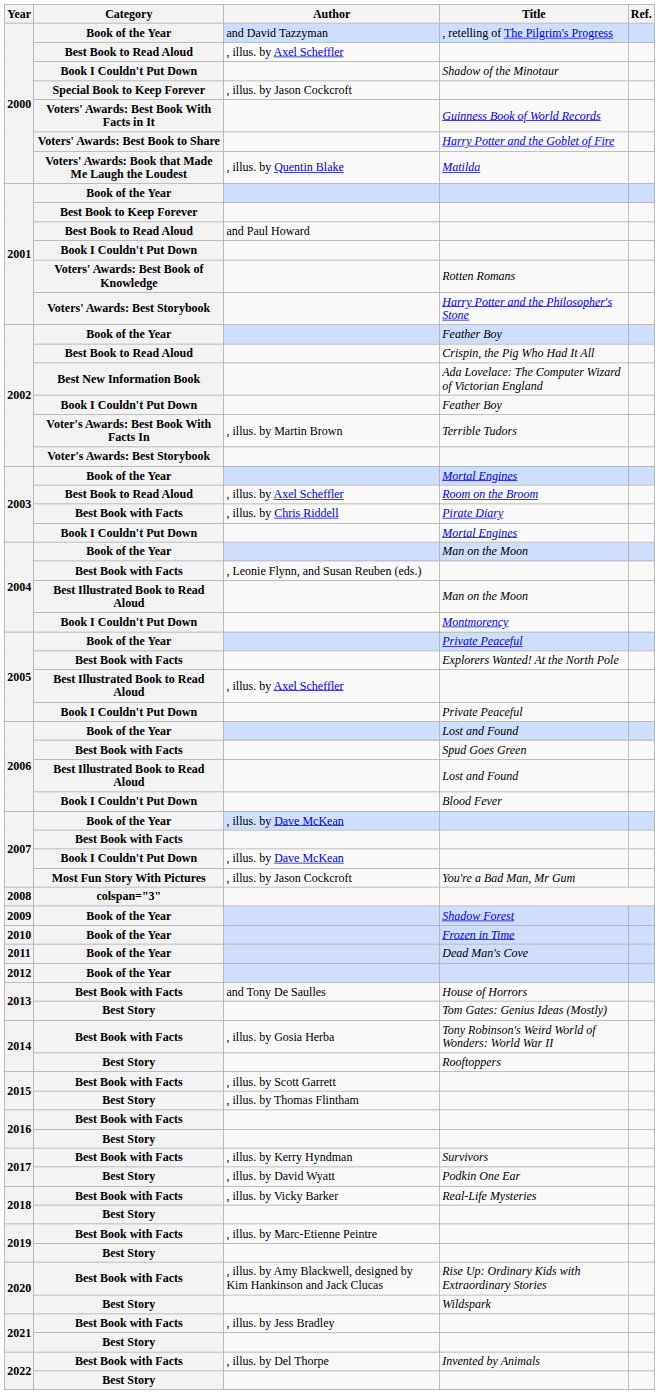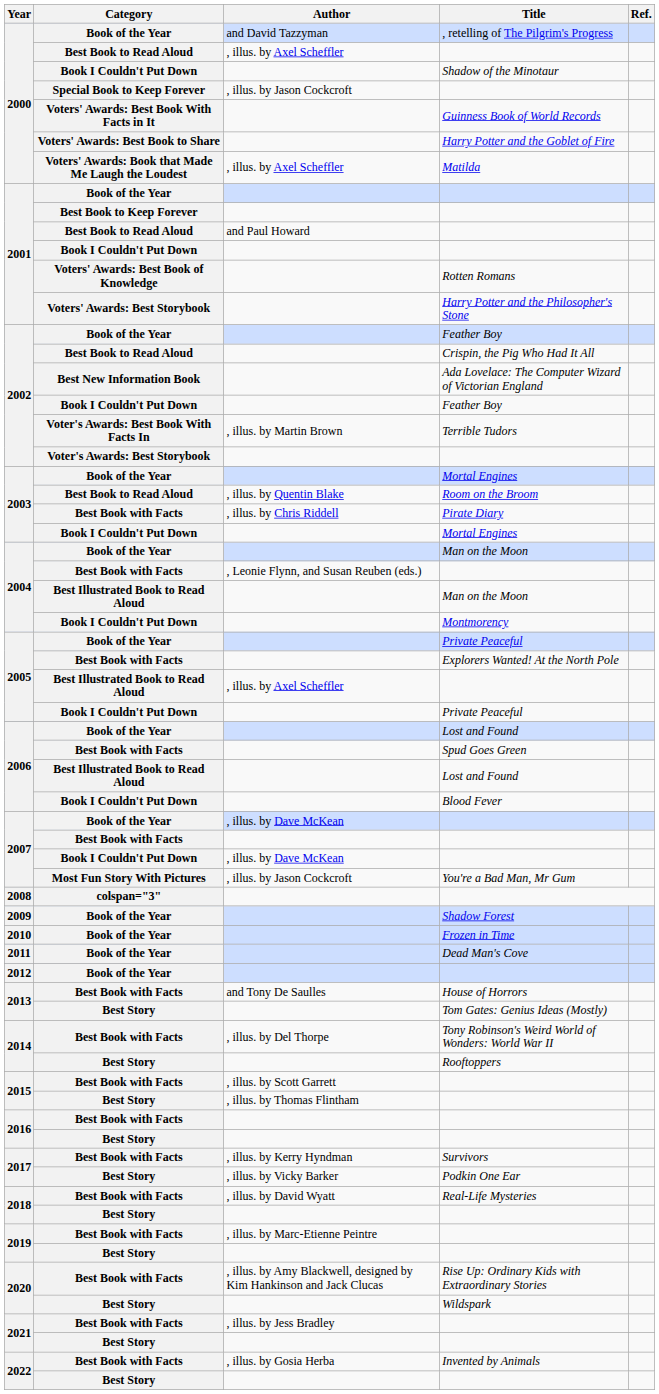 <table class="wikitable sortable mw-collapsible">
 <tr>
 <th scope="col">Year</th>
 <th scope="col">Category</th>
 <th scope="col">Author</th>
 <th scope="col">Title</th>
 <th scope="col">Ref.</th>
 </tr>
 <tr style="background:#cddeff">
 <th rowspan="7">2000</th>
 <th>Book of the Year</th>
 <td> and David Tazzyman</td>
 <td><em></em>, retelling of <a href='#'>The Pilgrim's Progress</a></td>
 <td></td>
 </tr>
 <tr>
 <th>Best Book to Read Aloud</th>
 <td>, illus. by <a href='#'>Axel Scheffler</a></td>
 <td><em></em></td>
 <td></td>
 </tr>
 <tr>
 <th>Book I Couldn't Put Down</th>
 <td></td>
 <td><em>Shadow of the Minotaur</em></td>
 <td></td>
 </tr>
 <tr>
 <th>Special Book to Keep Forever</th>
 <td>, illus. by Jason Cockcroft</td>
 <td><em></em></td>
 <td></td>
 </tr>
 <tr>
 <th>Voters' Awards: Best Book With Facts in It</th>
 <td></td>
 <td><em><a href='#'>Guinness Book of World Records</a></em></td>
 <td></td>
 </tr>
 <tr>
 <th>Voters' Awards: Best Book to Share</th>
 <td></td>
 <td><em><a href='#'>Harry Potter and the Goblet of Fire</a></em></td>
 <td></td>
 </tr>
 <tr>
 <th>Voters' Awards: Book that Made Me Laugh the Loudest</th>
-<td>, illus. by <a href='#'>Quentin Blake</a></td>
+<td>, illus. by <a href='#'>Axel Scheffler</a></td>
 <td><em><a href='#'>Matilda</a></em></td>
 <td></td>
 </tr>
 <tr style="background:#cddeff">
 <th rowspan="6">2001</th>
 <th>Book of the Year</th>
 <td></td>
 <td><em></em></td>
 <td></td>
 </tr>
 <tr>
 <th>Best Book to Keep Forever</th>
 <td></td>
 <td><em></em></td>
 <td></td>
 </tr>
 <tr>
 <th>Best Book to Read Aloud</th>
 <td> and Paul Howard</td>
 <td><em></em></td>
 <td></td>
 </tr>
 <tr>
 <th>Book I Couldn't Put Down</th>
 <td></td>
 <td><em></em></td>
 <td></td>
 </tr>
 <tr>
 <th>Voters' Awards: Best Book of Knowledge</th>
 <td></td>
 <td><em>Rotten Romans</em></td>
 <td></td>
 </tr>
 <tr>
 <th>Voters' Awards: Best Storybook</th>
 <td></td>
 <td><em><a href='#'>Harry Potter and the Philosopher's Stone</a></em></td>
 <td></td>
 </tr>
 <tr style="background:#cddeff">
 <th rowspan="6">2002</th>
 <th>Book of the Year</th>
 <td></td>
 <td><em>Feather Boy</em></td>
 <td></td>
 </tr>
 <tr>
 <th>Best Book to Read Aloud</th>
 <td></td>
 <td><em>Crispin, the Pig Who Had It All</em></td>
 <td></td>
 </tr>
 <tr>
 <th>Best New Information Book</th>
 <td></td>
 <td><em>Ada Lovelace: The Computer Wizard of Victorian England</em></td>
 <td></td>
 </tr>
 <tr>
 <th>Book I Couldn't Put Down</th>
 <td></td>
 <td><em>Feather Boy</em></td>
 <td></td>
 </tr>
 <tr>
 <th>Voter's Awards:  Best Book With Facts In</th>
 <td>, illus. by Martin Brown</td>
 <td><em>Terrible Tudors</em></td>
 <td></td>
 </tr>
 <tr>
 <th>Voter's Awards: Best Storybook</th>
 <td></td>
 <td></td>
 <td></td>
 </tr>
 <tr style="background:#cddeff">
 <th rowspan="4">2003</th>
 <th>Book of the Year</th>
 <td></td>
 <td><em><a href='#'>Mortal Engines</a></em></td>
 <td></td>
 </tr>
 <tr>
 <th>Best Book to Read Aloud</th>
-<td>, illus. by <a href='#'>Axel Scheffler</a></td>
+<td>, illus. by <a href='#'>Quentin Blake</a></td>
 <td><em><a href='#'>Room on the Broom</a></em></td>
 <td></td>
 </tr>
 <tr>
 <th>Best Book with Facts</th>
 <td>, illus. by <a href='#'>Chris Riddell</a></td>
 <td><em><a href='#'>Pirate Diary</a></em></td>
 <td></td>
 </tr>
 <tr>
 <th>Book I Couldn't Put Down</th>
 <td></td>
 <td><em><a href='#'>Mortal Engines</a></em></td>
 <td></td>
 </tr>
 <tr style="background:#cddeff">
 <th rowspan="4">2004</th>
 <th>Book of the Year</th>
 <td></td>
 <td><em>Man on the Moon</em></td>
 <td></td>
 </tr>
 <tr>
 <th>Best Book with Facts</th>
 <td>, Leonie Flynn, and Susan Reuben (eds.)</td>
 <td><em></em></td>
 <td></td>
 </tr>
 <tr>
 <th>Best Illustrated Book to Read Aloud</th>
 <td></td>
 <td><em>Man on the Moon</em></td>
 <td></td>
 </tr>
 <tr>
 <th>Book I Couldn't Put Down</th>
 <td></td>
 <td><em><a href='#'>Montmorency</a></em></td>
 <td></td>
 </tr>
 <tr style="background:#cddeff">
 <th rowspan="4">2005</th>
 <th>Book of the Year</th>
 <td></td>
 <td><em><a href='#'>Private Peaceful</a></em></td>
 <td></td>
 </tr>
 <tr>
 <th>Best Book with Facts</th>
 <td></td>
 <td><em>Explorers Wanted! At the North Pole</em></td>
 <td></td>
 </tr>
 <tr>
 <th>Best Illustrated Book to Read Aloud</th>
 <td>, illus. by <a href='#'>Axel Scheffler</a></td>
 <td><em></em></td>
 <td></td>
 </tr>
 <tr>
 <th>Book I Couldn't Put Down</th>
 <td></td>
 <td><em>Private Peaceful</em></td>
 <td></td>
 </tr>
 <tr style="background:#cddeff">
 <th rowspan="4">2006</th>
 <th>Book of the Year</th>
 <td></td>
 <td><em>Lost and Found</em></td>
 <td></td>
 </tr>
 <tr>
 <th>Best Book with Facts</th>
 <td></td>
 <td><em>Spud Goes Green</em></td>
 <td></td>
 </tr>
 <tr>
 <th>Best Illustrated Book to Read Aloud</th>
 <td></td>
 <td><em>Lost and Found</em></td>
 <td></td>
 </tr>
 <tr>
 <th>Book I Couldn't Put Down</th>
 <td></td>
 <td><em>Blood Fever</em></td>
 <td></td>
 </tr>
 <tr style="background:#cddeff">
 <th rowspan="4">2007</th>
 <th>Book of the Year</th>
 <td>, illus. by <a href='#'>Dave McKean</a></td>
 <td><em></em></td>
 <td></td>
 </tr>
 <tr>
 <th>Best Book with Facts</th>
 <td></td>
 <td><em></em></td>
 <td></td>
 </tr>
 <tr>
 <th>Book I Couldn't Put Down</th>
 <td>, illus. by <a href='#'>Dave McKean</a></td>
 <td><em></em></td>
 <td></td>
 </tr>
 <tr>
 <th>Most Fun Story With Pictures</th>
 <td>, illus. by Jason Cockcroft</td>
 <td><em>You're a Bad Man, Mr Gum</em></td>
 <td></td>
 </tr>
 <tr>
 <th>2008</th>
 <th>colspan="3" </th>
 <td></td>
 </tr>
 <tr style="background:#cddeff">
 <th>2009</th>
 <th>Book of the Year</th>
 <td></td>
 <td><em><a href='#'>Shadow Forest</a></em></td>
 <td></td>
 </tr>
 <tr style="background:#cddeff">
 <th>2010</th>
 <th>Book of the Year</th>
 <td></td>
 <td><em><a href='#'>Frozen in Time</a></em></td>
 <td></td>
 </tr>
 <tr style="background:#cddeff">
 <th>2011</th>
 <th>Book of the Year</th>
 <td></td>
 <td><em>Dead Man's Cove</em></td>
 <td></td>
 </tr>
 <tr style="background:#cddeff">
 <th>2012</th>
 <th>Book of the Year</th>
 <td></td>
 <td><em></em></td>
 <td></td>
 </tr>
 <tr>
 <th rowspan="2">2013</th>
 <th>Best Book with Facts</th>
 <td> and Tony De Saulles</td>
 <td><em>House of Horrors</em></td>
 <td></td>
 </tr>
 <tr>
 <th>Best Story</th>
 <td></td>
 <td><em>Tom Gates: Genius Ideas (Mostly)</em></td>
 <td></td>
 </tr>
 <tr>
 <th rowspan="2">2014</th>
 <th>Best Book with Facts</th>
-<td>, illus. by Gosia Herba</td>
+<td>, illus. by Del Thorpe</td>
 <td><em>Tony Robinson's Weird World of Wonders: World War II</em></td>
 <td></td>
 </tr>
 <tr>
 <th>Best Story</th>
 <td></td>
 <td><em>Rooftoppers</em></td>
 <td></td>
 </tr>
 <tr>
 <th rowspan="2">2015</th>
 <th>Best Book with Facts</th>
 <td>, illus. by Scott Garrett</td>
 <td><em></em></td>
 <td></td>
 </tr>
 <tr>
 <th>Best Story</th>
 <td>, illus. by Thomas Flintham</td>
 <td><em></em></td>
 <td></td>
 </tr>
 <tr>
 <th rowspan="2">2016</th>
 <th>Best Book with Facts</th>
 <td></td>
 <td><em></em></td>
 <td></td>
 </tr>
 <tr>
 <th>Best Story</th>
 <td></td>
 <td><em></em></td>
 <td></td>
 </tr>
 <tr>
 <th rowspan="2">2017</th>
 <th>Best Book with Facts</th>
 <td>, illus. by Kerry Hyndman</td>
 <td><em>Survivors</em></td>
 <td></td>
 </tr>
 <tr>
 <th>Best Story</th>
-<td>, illus. by David Wyatt</td>
+<td>, illus. by Vicky Barker</td>
 <td><em>Podkin One Ear</em></td>
 <td></td>
 </tr>
 <tr>
 <th rowspan="2">2018</th>
 <th>Best Book with Facts</th>
-<td>, illus. by Vicky Barker</td>
+<td>, illus. by David Wyatt</td>
 <td><em>Real-Life Mysteries</em></td>
 <td></td>
 </tr>
 <tr>
 <th>Best Story</th>
 <td></td>
 <td><em></em></td>
 <td></td>
 </tr>
 <tr>
 <th rowspan="2">2019</th>
 <th>Best Book with Facts</th>
 <td>, illus. by Marc-Etienne Peintre</td>
 <td><em></em></td>
 <td></td>
 </tr>
 <tr>
 <th>Best Story</th>
 <td></td>
 <td><em></em></td>
 <td></td>
 </tr>
 <tr>
 <th rowspan="2">2020</th>
 <th>Best Book with Facts</th>
 <td>, illus. by Amy Blackwell, designed by Kim Hankinson and Jack Clucas</td>
 <td><em>Rise Up: Ordinary Kids with Extraordinary Stories</em></td>
 <td></td>
 </tr>
 <tr>
 <th>Best Story</th>
 <td></td>
 <td><em>Wildspark</em></td>
 <td></td>
 </tr>
 <tr>
 <th rowspan="2">2021</th>
 <th>Best Book with Facts</th>
 <td>, illus. by Jess Bradley</td>
 <td><em></em></td>
 <td></td>
 </tr>
 <tr>
 <th>Best Story</th>
 <td></td>
 <td><em></em></td>
 <td></td>
 </tr>
 <tr>
 <th rowspan="2">2022</th>
 <th>Best Book with Facts</th>
-<td>, illus. by Del Thorpe</td>
+<td>, illus. by Gosia Herba</td>
 <td><em>Invented by Animals</em></td>
 <td></td>
 </tr>
 <tr>
 <th>Best Story</th>
 <td></td>
 <td><em></em></td>
 <td></td>
 </tr>
 </table>
